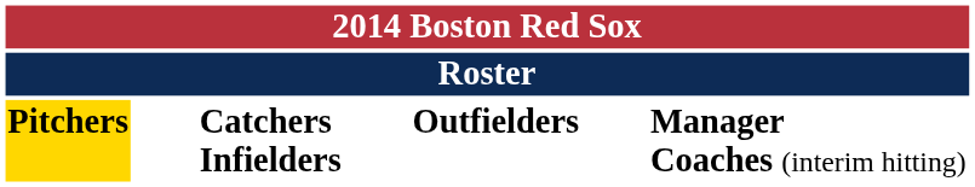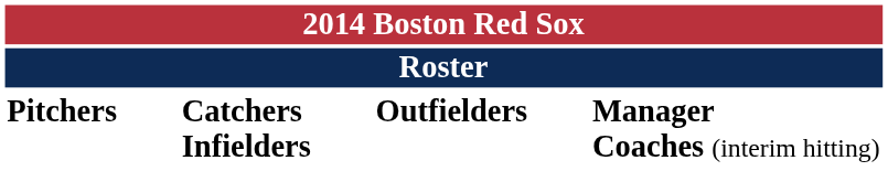 <table class="toccolours" style="text-align: left;">
 <tr>
 <th colspan="10" style="background-color: #ba313c; color: #FFFFFF; text-align: center;">2014 Boston Red Sox</th>
 </tr>
 <tr>
 <td colspan="10" style="background-color:#0d2b56; color: white; text-align: center;"><strong>Roster</strong></td>
 </tr>
 <tr>
-<td valign="top" style="background: gold;"><strong>Pitchers</strong><br>                       </td>
+<td valign="top"><strong>Pitchers</strong><br>                       </td>
 <td width="25px"></td>
 <td valign="top"><strong>Catchers</strong><br>    <strong>Infielders</strong>              </td>
 <td width="25px"></td>
 <td valign="top"><strong>Outfielders</strong><br>            </td>
 <td width="25px"></td>
 <td valign="top"><strong>Manager</strong><br> <strong>Coaches</strong>         <small>(interim hitting)</small>         </td>
 </tr>
 </table>
